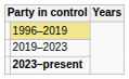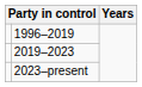 <table class="wikitable">
 <tr>
 <th colspan="2">Party in control</th>
 <th>Years</th>
 </tr>
 <tr>
 <td></td>
-<td style="background: khaki;">1996–2019</td>
+<td>1996–2019</td>
 </tr>
 <tr>
 <td></td>
 <td>2019–2023</td>
 </tr>
 <tr>
 <td></td>
-<td><strong>2023–present</strong></td>
+<td>2023–present</td>
 </tr>
 </table>
